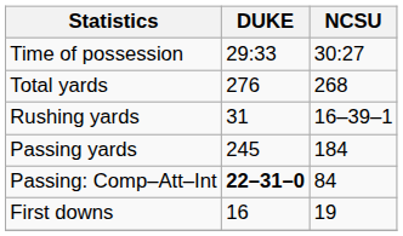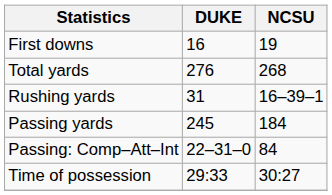 <table class="wikitable" style="float: left;">
 <tr>
 <th>Statistics</th>
 <th>DUKE</th>
 <th>NCSU</th>
 </tr>
 <tr>
-<td>Time of possession</td>
-<td>29:33</td>
-<td>30:27</td>
+<td>First downs</td>
+<td>16</td>
+<td>19</td>
 </tr>
 <tr>
 <td>Total yards</td>
 <td>276</td>
 <td>268</td>
 </tr>
 <tr>
 <td>Rushing yards</td>
 <td>31</td>
 <td>16–39–1</td>
 </tr>
 <tr>
 <td>Passing yards</td>
 <td>245</td>
 <td>184</td>
 </tr>
 <tr>
 <td>Passing: Comp–Att–Int</td>
-<td><strong>22–31–0</strong></td>
+<td>22–31–0</td>
 <td>84</td>
 </tr>
 <tr>
-<td>First downs</td>
-<td>16</td>
-<td>19</td>
+<td>Time of possession</td>
+<td>29:33</td>
+<td>30:27</td>
 </tr>
 <tr>
 </tr>
 </table>
